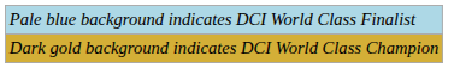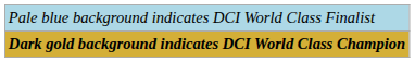 <table class="wikitable" style="font-size:95%;">
 <tr>
 <td style="background-color:#add8e6"><em>Pale blue background indicates DCI World Class Finalist</em></td>
 </tr>
 <tr>
-<td style="background-color:#d4af37"><em>Dark gold background indicates DCI World Class Champion</em></td>
+<td style="background-color:#d4af37"><strong><em>Dark gold background indicates DCI World Class Champion</em></strong></td>
 </tr>
 </table>
